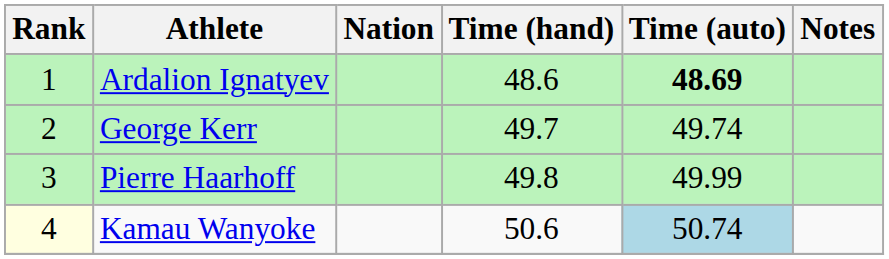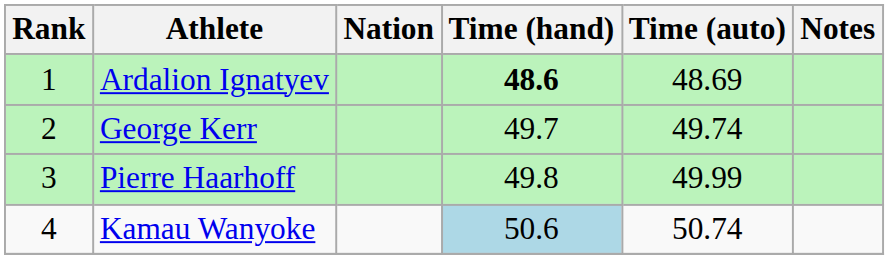 <table class="wikitable sortable" style="text-align:center">
 <tr>
 <th>Rank</th>
 <th>Athlete</th>
 <th>Nation</th>
 <th>Time (hand)</th>
 <th>Time (auto)</th>
 <th>Notes</th>
 </tr>
 <tr bgcolor=bbf3bb>
 <td>1</td>
 <td align=left><a href='#'>Ardalion Ignatyev</a></td>
 <td align=left></td>
-<td>48.6</td>
-<td><strong>48.69</strong></td>
+<td><strong>48.6</strong></td>
+<td>48.69</td>
 <td></td>
 </tr>
 <tr bgcolor=bbf3bb>
 <td>2</td>
 <td align=left><a href='#'>George Kerr</a></td>
 <td align=left></td>
 <td>49.7</td>
 <td>49.74</td>
 <td></td>
 </tr>
 <tr bgcolor=bbf3bb>
 <td>3</td>
 <td align=left><a href='#'>Pierre Haarhoff</a></td>
 <td align=left></td>
 <td>49.8</td>
 <td>49.99</td>
 <td></td>
 </tr>
 <tr>
-<td style="background: lightyellow;">4</td>
+<td>4</td>
 <td align=left><a href='#'>Kamau Wanyoke</a></td>
 <td align=left></td>
-<td>50.6</td>
-<td style="background: lightblue;">50.74</td>
+<td style="background: lightblue;">50.6</td>
+<td>50.74</td>
 <td></td>
 </tr>
 <tr>
 </tr>
 </table>
